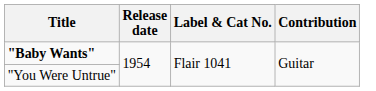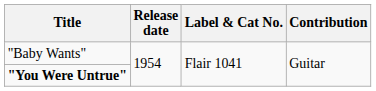 <table class="wikitable">
 <tr>
 <th>Title</th>
 <th>Release<br>date</th>
 <th>Label & Cat No.</th>
 <th>Contribution</th>
 </tr>
 <tr>
-<td><strong>"Baby Wants"</strong></td>
+<td>"Baby Wants"</td>
 <td rowspan="2">1954</td>
 <td rowspan="2">Flair 1041</td>
 <td rowspan="2">Guitar</td>
 </tr>
 <tr>
-<td>"You Were Untrue"</td>
+<td><strong>"You Were Untrue"</strong></td>
 </tr>
 </table>
